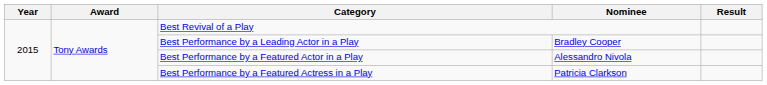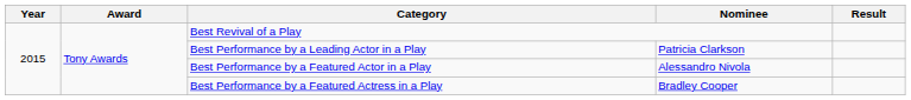 <table class="wikitable" style="width:100%;">
 <tr>
 <th>Year</th>
 <th><strong>Award</strong></th>
 <th><strong>Category</strong></th>
 <th><strong>Nominee</strong></th>
 <th><strong>Result</strong></th>
 </tr>
 <tr>
 <td align="center" rowspan="4">2015</td>
 <td rowspan="4"><a href='#'>Tony Awards</a></td>
 <td colspan="2"><a href='#'>Best Revival of a Play</a></td>
 <td></td>
 </tr>
 <tr>
 <td><a href='#'>Best Performance by a Leading Actor in a Play</a></td>
-<td><a href='#'>Bradley Cooper</a></td>
+<td><a href='#'>Patricia Clarkson</a></td>
 <td></td>
 </tr>
 <tr>
 <td><a href='#'>Best Performance by a Featured Actor in a Play</a></td>
 <td><a href='#'>Alessandro Nivola</a></td>
 <td></td>
 </tr>
 <tr>
 <td><a href='#'>Best Performance by a Featured Actress in a Play</a></td>
-<td><a href='#'>Patricia Clarkson</a></td>
+<td><a href='#'>Bradley Cooper</a></td>
 <td></td>
 </tr>
 </table>
